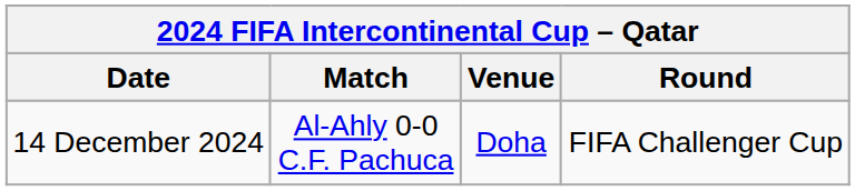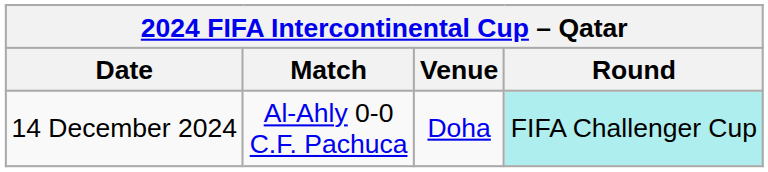 <table class="wikitable" style="margin:1em auto 1em auto; text-align:center; font-size:small;">
 <tr>
 <th colspan="4"><a href='#'>2024 FIFA Intercontinental Cup</a> – Qatar</th>
 </tr>
 <tr>
 <th>Date</th>
 <th>Match</th>
 <th>Venue</th>
 <th>Round</th>
 </tr>
 <tr>
 <td>14 December 2024</td>
 <td><a href='#'>Al-Ahly</a>  0-0  <br> <a href='#'>C.F. Pachuca</a></td>
 <td><a href='#'>Doha</a></td>
-<td>FIFA Challenger Cup</td>
+<td style="background: paleturquoise;">FIFA Challenger Cup</td>
 </tr>
 </table>
